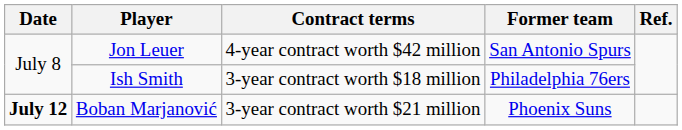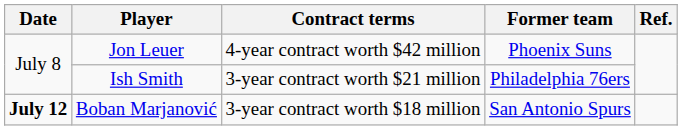 <table class="wikitable sortable sortable">
 <tr>
 <th>Date</th>
 <th>Player</th>
 <th>Contract terms</th>
 <th>Former team</th>
 <th>Ref.</th>
 </tr>
 <tr style="text-align: center">
 <td rowspan="2">July 8</td>
 <td><a href='#'>Jon Leuer</a></td>
 <td>4-year contract worth $42 million</td>
-<td><a href='#'>San Antonio Spurs</a></td>
+<td><a href='#'>Phoenix Suns</a></td>
 <td rowspan="2"></td>
 </tr>
 <tr style="text-align: center">
 <td><a href='#'>Ish Smith</a></td>
-<td>3-year contract worth $18 million</td>
+<td>3-year contract worth $21 million</td>
 <td><a href='#'>Philadelphia 76ers</a></td>
 </tr>
 <tr style="text-align: center">
 <td><strong>July 12</strong></td>
 <td><a href='#'>Boban Marjanović</a></td>
-<td>3-year contract worth $21 million</td>
-<td><a href='#'>Phoenix Suns</a></td>
+<td>3-year contract worth $18 million</td>
+<td><a href='#'>San Antonio Spurs</a></td>
 <td></td>
 </tr>
 </table>
